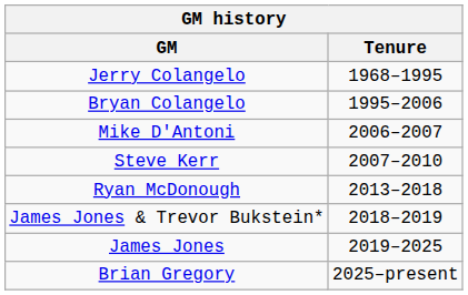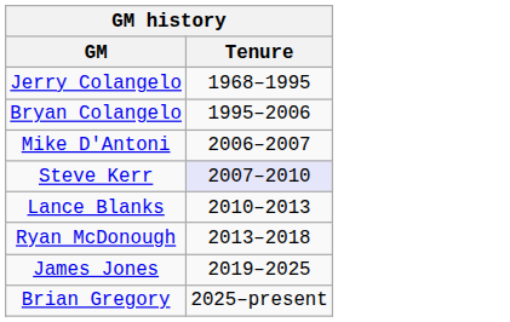 <table class="wikitable" style="text-align:center">
 <tr>
 <th colspan="2">GM history</th>
 </tr>
 <tr>
 <th>GM</th>
 <th>Tenure</th>
 </tr>
 <tr>
 <td><a href='#'>Jerry Colangelo</a></td>
 <td>1968–1995</td>
 </tr>
 <tr>
 <td><a href='#'>Bryan Colangelo</a></td>
 <td>1995–2006</td>
 </tr>
 <tr>
 <td><a href='#'>Mike D'Antoni</a></td>
 <td>2006–2007</td>
 </tr>
 <tr>
 <td><a href='#'>Steve Kerr</a></td>
-<td>2007–2010</td>
+<td style="background: lavender;">2007–2010</td>
+</tr>
+<tr>
+<td><a href='#'>Lance Blanks</a></td>
+<td>2010–2013</td>
 </tr>
 <tr>
 <td><a href='#'>Ryan McDonough</a></td>
 <td>2013–2018</td>
-</tr>
-<tr>
-<td><a href='#'>James Jones</a> & Trevor Bukstein*</td>
-<td>2018–2019</td>
 </tr>
 <tr>
 <td><a href='#'>James Jones</a></td>
 <td>2019–2025</td>
 </tr>
 <tr>
 <td><a href='#'>Brian Gregory</a></td>
 <td>2025–present</td>
 </tr>
 </table>
